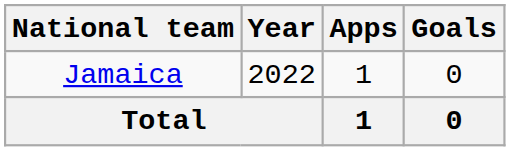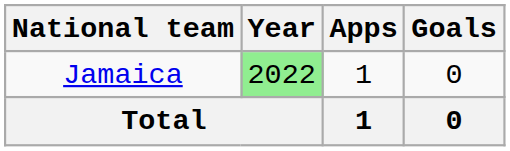 <table class="wikitable" style="text-align:center">
 <tr>
 <th>National team</th>
 <th>Year</th>
 <th>Apps</th>
 <th>Goals</th>
 </tr>
 <tr>
 <td rowspan="1"><a href='#'>Jamaica</a></td>
-<td>2022</td>
+<td style="background: lightgreen;">2022</td>
 <td>1</td>
 <td>0</td>
 </tr>
 <tr>
 <th colspan=2>Total</th>
 <th>1</th>
 <th>0</th>
 </tr>
 </table>
